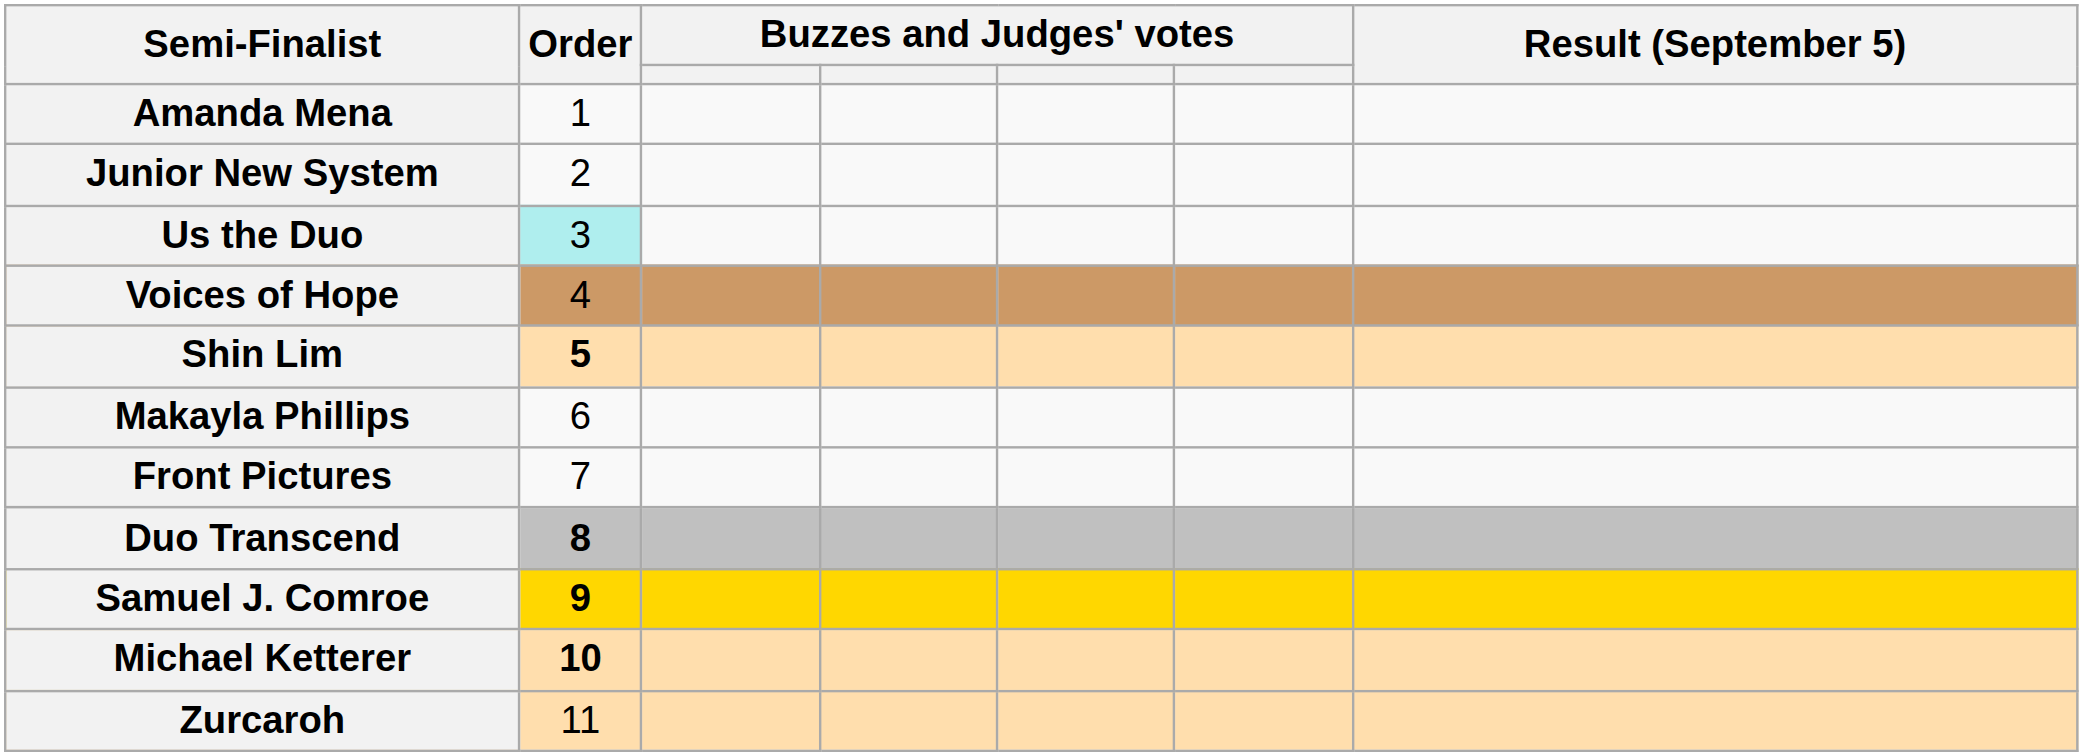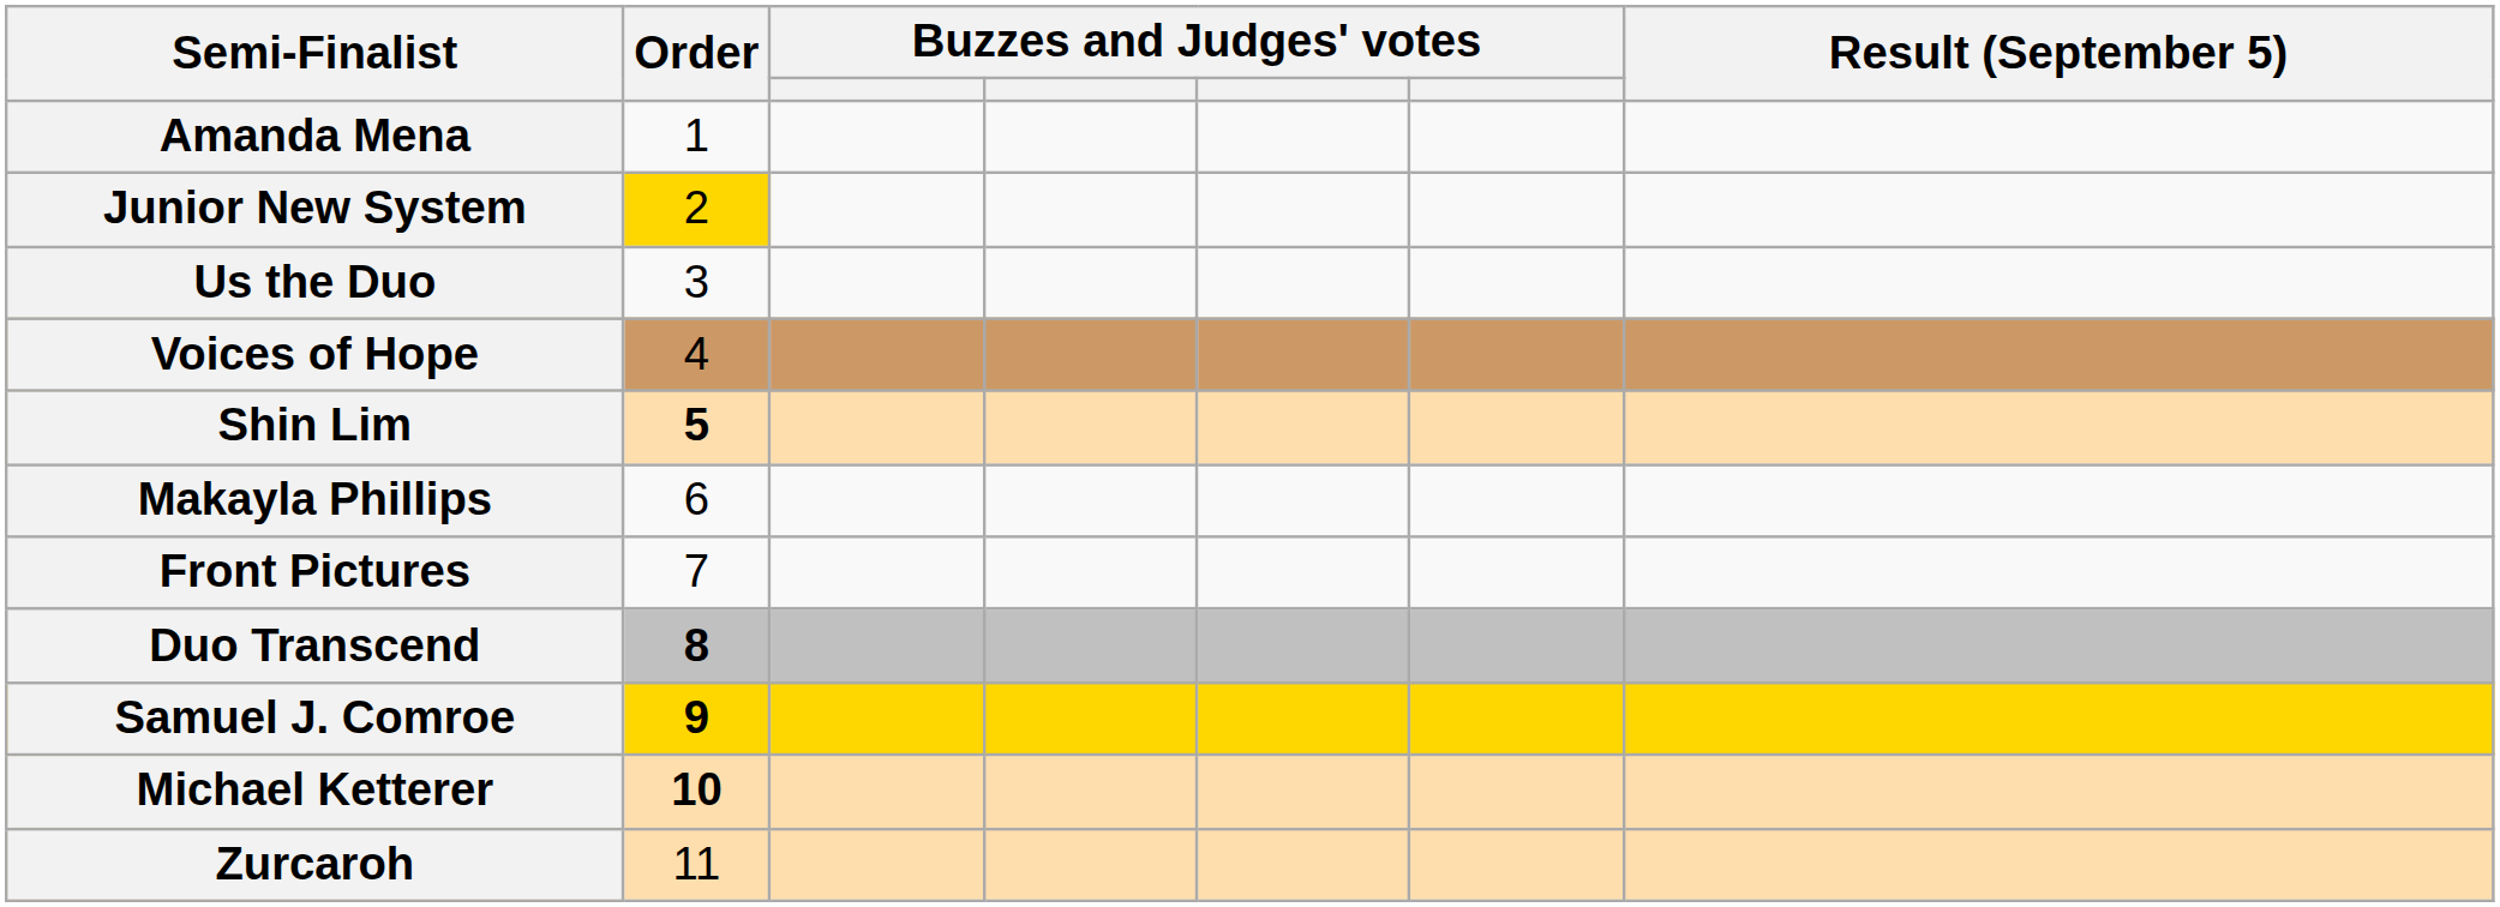 <table class="wikitable plainrowheaders sortable" style="text-align:center;">
 <tr>
 <th scope="col" rowspan="2" class="unsortable" style="width:17em;">Semi-Finalist</th>
 <th scope="col" rowspan="2" style="width:1em;">Order</th>
 <th scope="col" colspan="4" class="unsortable" style="width:24em;">Buzzes and Judges' votes</th>
 <th scope="col" rowspan="2" style="width:25em;">Result (September 5)</th>
 </tr>
 <tr>
 <th scope="col" class="unsortable" style="width:6em;"></th>
 <th scope="col" class="unsortable" style="width:6em;"></th>
 <th scope="col" class="unsortable" style="width:6em;"></th>
 <th scope="col" class="unsortable" style="width:6em;"></th>
 </tr>
 <tr>
 <th scope="row">Amanda Mena</th>
 <td>1</td>
 <td style="text-align:center;"></td>
 <td style="text-align:center;"></td>
 <td style="text-align:center;"></td>
 <td style="text-align:center;"></td>
 <td></td>
 </tr>
 <tr>
 <th scope="row">Junior New System</th>
-<td>2</td>
+<td style="background: gold;">2</td>
 <td style="text-align:center;"></td>
 <td style="text-align:center;"></td>
 <td style="text-align:center;"></td>
 <td style="text-align:center;"></td>
 <td></td>
 </tr>
 <tr>
 <th scope="row">Us the Duo</th>
-<td style="background: paleturquoise;">3</td>
+<td>3</td>
 <td style="text-align:center;"></td>
 <td style="text-align:center;"></td>
 <td style="text-align:center;"></td>
 <td style="text-align:center;"></td>
 <td></td>
 </tr>
 <tr style="background:#c96">
 <th scope="row">Voices of Hope</th>
 <td>4</td>
 <td style="text-align:center;"></td>
 <td style="text-align:center;"></td>
 <td style="text-align:center;"></td>
 <td style="text-align:center;"></td>
 <td></td>
 </tr>
 <tr style="background:NavajoWhite">
 <th scope="row"><strong>Shin Lim</strong></th>
 <td><strong>5</strong></td>
 <td style="text-align:center;"></td>
 <td style="text-align:center;"></td>
 <td style="text-align:center;"></td>
 <td style="text-align:center;"></td>
 <td><strong></strong></td>
 </tr>
 <tr>
 <th scope="row">Makayla Phillips</th>
 <td>6</td>
 <td style="text-align:center;"></td>
 <td style="text-align:center;"></td>
 <td style="text-align:center;"></td>
 <td style="text-align:center;"></td>
 <td></td>
 </tr>
 <tr>
 <th scope="row">Front Pictures</th>
 <td>7</td>
 <td style="text-align:center;"></td>
 <td style="text-align:center;"></td>
 <td style="text-align:center;"></td>
 <td style="text-align:center;"></td>
 <td></td>
 </tr>
 <tr style="background:silver">
 <th scope="row"><strong>Duo Transcend</strong></th>
 <td><strong>8</strong></td>
 <td style="text-align:center;"></td>
 <td style="text-align:center;"></td>
 <td style="text-align:center;"></td>
 <td style="text-align:center;"></td>
 <td><strong></strong></td>
 </tr>
 <tr style="background:gold">
 <th scope="row"><strong>Samuel J. Comroe</strong></th>
 <td><strong>9</strong></td>
 <td style="text-align:center;"></td>
 <td style="text-align:center;"></td>
 <td style="text-align:center;"></td>
 <td style="text-align:center;"></td>
 <td><strong></strong></td>
 </tr>
 <tr style="background:NavajoWhite">
 <th scope="row"><strong>Michael Ketterer</strong></th>
 <td><strong>10</strong></td>
 <td style="text-align:center;"></td>
 <td style="text-align:center;"></td>
 <td style="text-align:center;"></td>
 <td style="text-align:center;"></td>
 <td><strong></strong></td>
 </tr>
 <tr style="background:NavajoWhite">
 <th scope="row"><strong>Zurcaroh</strong></th>
 <td>11</td>
 <td style="text-align:center;"></td>
 <td style="text-align:center;"></td>
 <td style="text-align:center;"></td>
 <td style="text-align:center;"></td>
 <td><strong></strong></td>
 </tr>
 </table>
